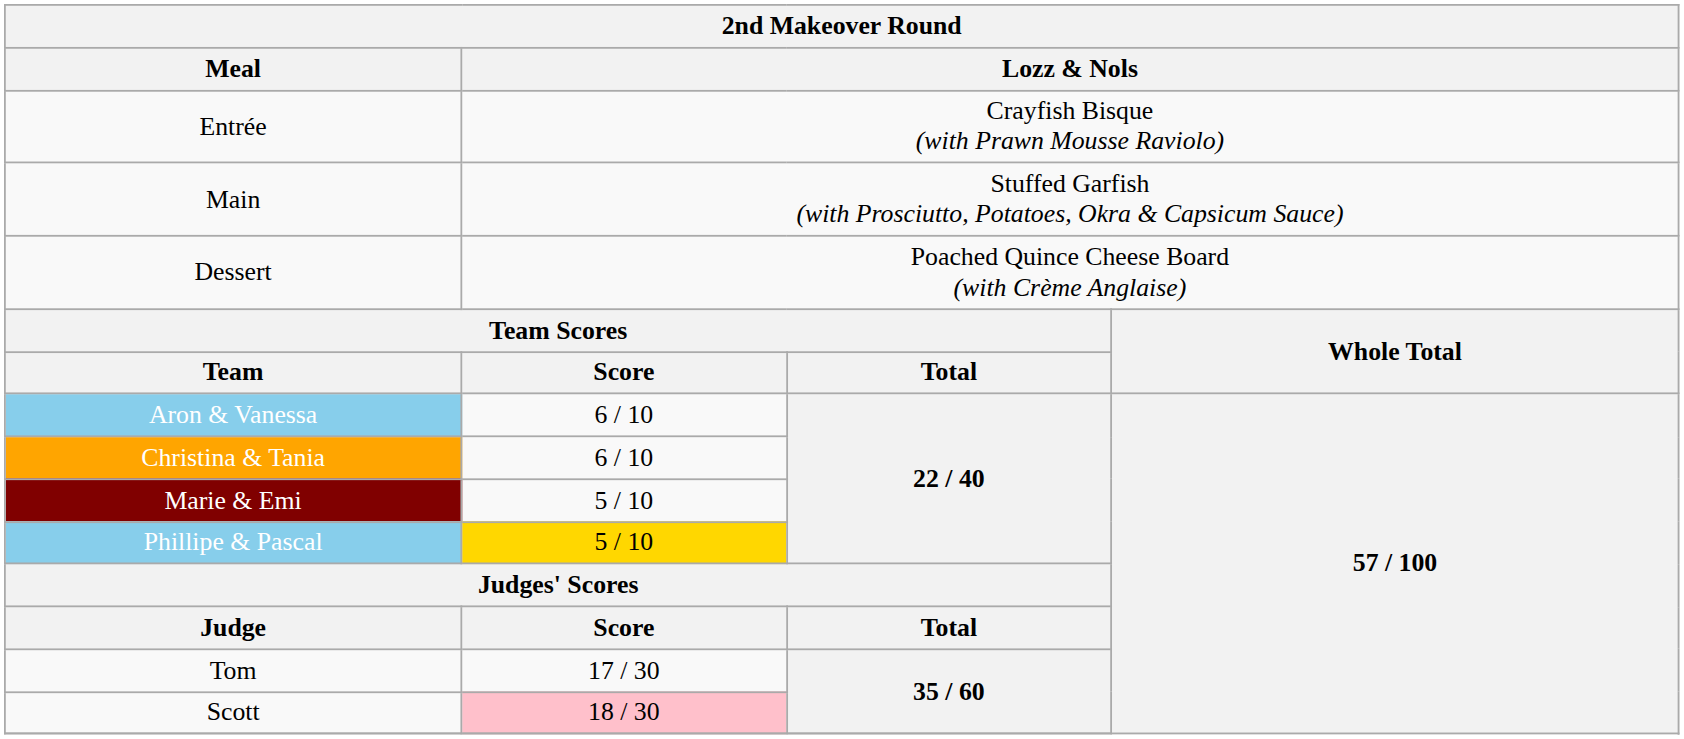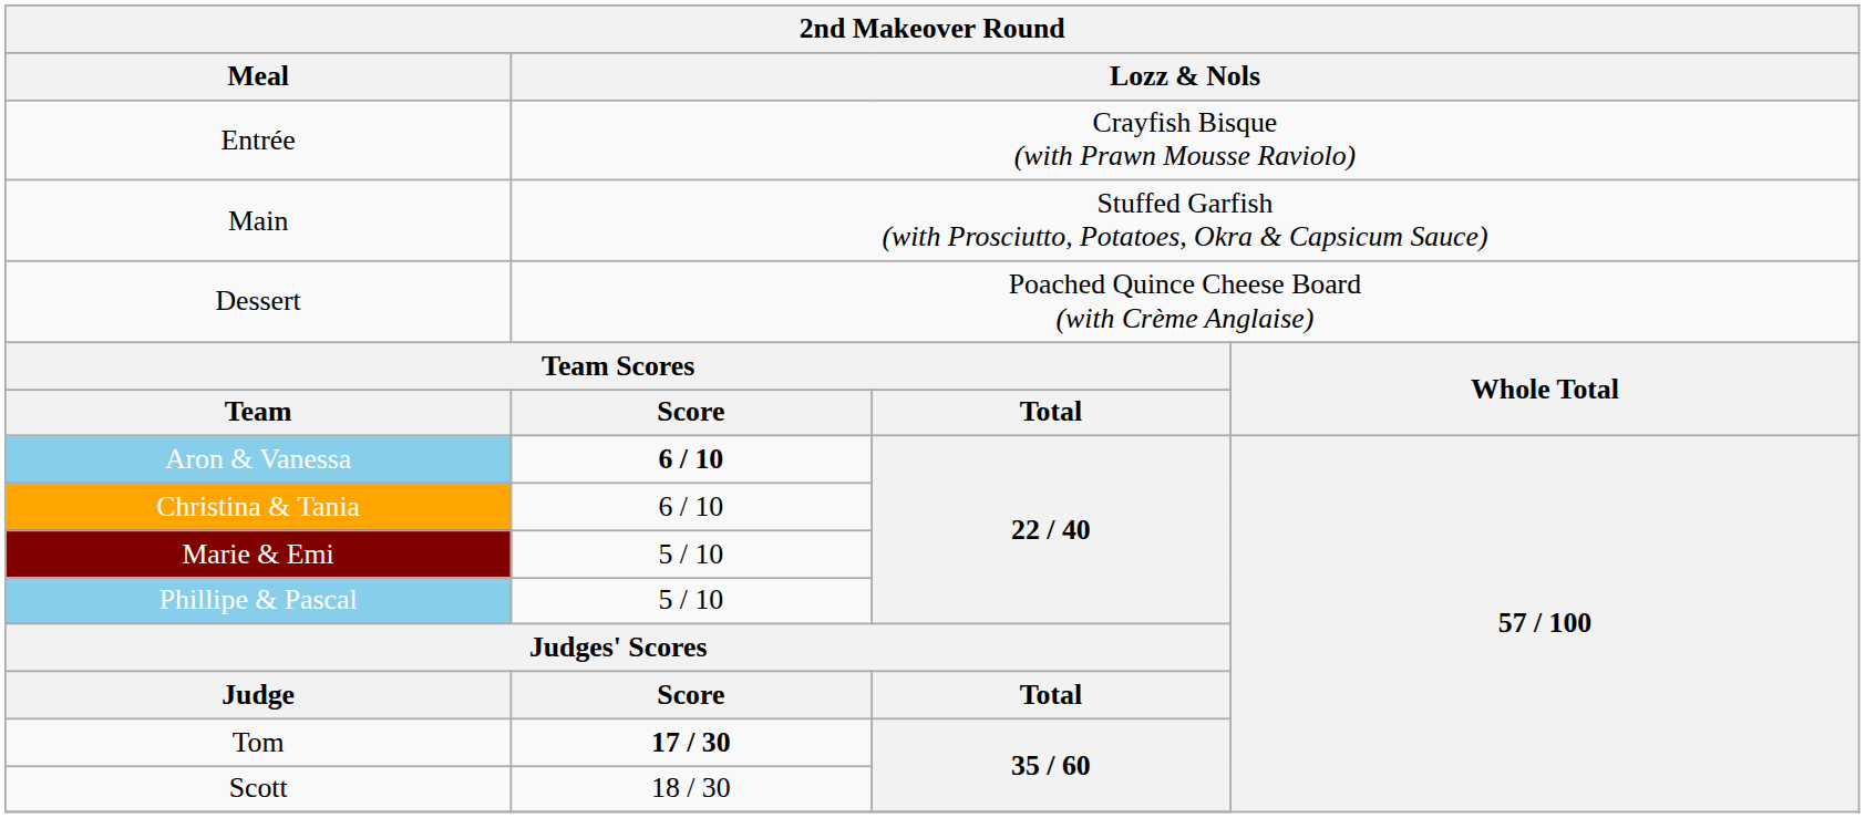 <table class="wikitable plainrowheaders" style="text-align:center; font-size:90%; width:65em;">
 <tr>
 <th colspan="4" >2nd Makeover Round</th>
 </tr>
 <tr>
 <th style="width:15%;">Meal</th>
 <th colspan="3" style="width:40%;">Lozz & Nols</th>
 </tr>
 <tr>
 <td>Entrée</td>
 <td colspan="3">Crayfish Bisque<br><em>(with Prawn Mousse Raviolo)</em></td>
 </tr>
 <tr>
 <td>Main</td>
 <td colspan="3">Stuffed Garfish<br><em>(with Prosciutto, Potatoes, Okra & Capsicum Sauce)</em></td>
 </tr>
 <tr>
 <td>Dessert</td>
 <td colspan="3">Poached Quince Cheese Board<br><em>(with Crème Anglaise)</em></td>
 </tr>
 <tr>
 <th colspan="3" >Team Scores</th>
 <th rowspan="2">Whole Total</th>
 </tr>
 <tr>
 <th>Team</th>
 <th>Score</th>
 <th>Total</th>
 </tr>
 <tr>
 <td style="background:skyblue; color:white;">Aron & Vanessa</td>
-<td>6 / 10</td>
+<td><strong>6 / 10</strong></td>
 <th rowspan="4">22 / 40</th>
 <th rowspan="10">57 / 100</th>
 </tr>
 <tr>
 <td style="background:orange; color:white;">Christina & Tania</td>
 <td>6 / 10</td>
 </tr>
 <tr>
 <td style="background:maroon; color:white;">Marie & Emi</td>
 <td>5 / 10</td>
 </tr>
 <tr>
 <td style="background:skyblue; color:white;">Phillipe & Pascal</td>
-<td style="background: gold;">5 / 10</td>
+<td>5 / 10</td>
 </tr>
 <tr>
 <th colspan="3" >Judges' Scores</th>
 </tr>
 <tr>
 <th>Judge</th>
 <th>Score</th>
 <th>Total</th>
 </tr>
 <tr>
 <td>Tom</td>
-<td>17 / 30</td>
+<td><strong>17 / 30</strong></td>
 <th rowspan="2">35 / 60</th>
 </tr>
 <tr>
 <td>Scott</td>
-<td style="background: pink;">18 / 30</td>
+<td>18 / 30</td>
 </tr>
 <tr>
 </tr>
 </table>
